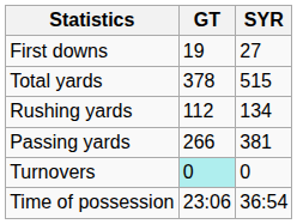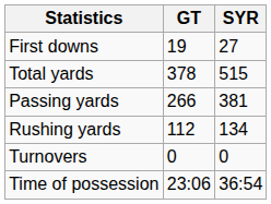 <table class="wikitable" style="float: left;">
 <tr>
 <th>Statistics</th>
 <th>GT</th>
 <th>SYR</th>
 </tr>
 <tr>
 <td>First downs</td>
 <td>19</td>
 <td>27</td>
 </tr>
 <tr>
 <td>Total yards</td>
 <td>378</td>
 <td>515</td>
 </tr>
 <tr>
+<td>Passing yards</td>
+<td>266</td>
+<td>381</td>
+</tr>
+<tr>
 <td>Rushing yards</td>
 <td>112</td>
 <td>134</td>
 </tr>
 <tr>
-<td>Passing yards</td>
-<td>266</td>
-<td>381</td>
-</tr>
-<tr>
 <td>Turnovers</td>
-<td style="background: paleturquoise;">0</td>
+<td>0</td>
 <td>0</td>
 </tr>
 <tr>
 <td>Time of possession</td>
 <td>23:06</td>
 <td>36:54</td>
 </tr>
 <tr>
 </tr>
 </table>
